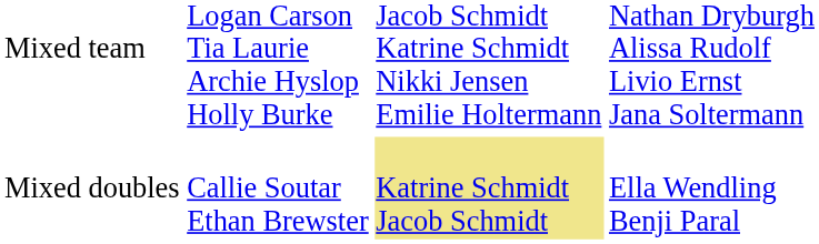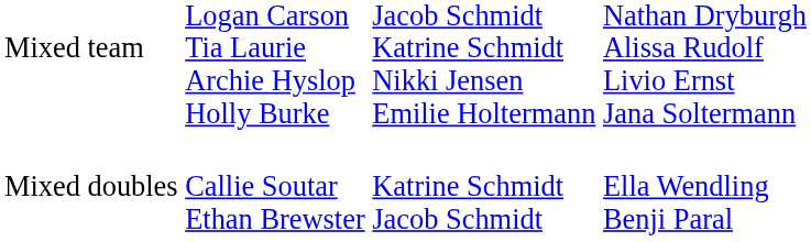 <table>
 <tr>
 <td>Mixed team<br></td>
 <td><br><a href='#'>Logan Carson</a><br><a href='#'>Tia Laurie</a><br><a href='#'>Archie Hyslop</a><br><a href='#'>Holly Burke</a></td>
 <td><br><a href='#'>Jacob Schmidt</a><br><a href='#'>Katrine Schmidt</a><br><a href='#'>Nikki Jensen</a><br><a href='#'>Emilie Holtermann</a></td>
 <td><br><a href='#'>Nathan Dryburgh</a><br><a href='#'>Alissa Rudolf</a><br><a href='#'>Livio Ernst</a><br><a href='#'>Jana Soltermann</a></td>
 </tr>
 <tr>
 <td>Mixed doubles<br></td>
 <td><br><a href='#'>Callie Soutar</a><br><a href='#'>Ethan Brewster</a></td>
-<td style="background: khaki;"><br><a href='#'>Katrine Schmidt</a><br><a href='#'>Jacob Schmidt</a></td>
+<td><br><a href='#'>Katrine Schmidt</a><br><a href='#'>Jacob Schmidt</a></td>
 <td><br><a href='#'>Ella Wendling</a><br><a href='#'>Benji Paral</a></td>
 </tr>
 </table>
